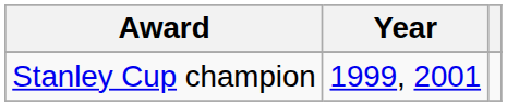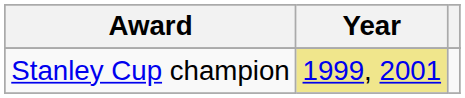 <table class="wikitable">
 <tr>
 <th>Award</th>
 <th>Year</th>
 <th></th>
 </tr>
 <tr ALIGN="center" bgcolor="#e0e0e0">
 </tr>
 <tr>
 <td><a href='#'>Stanley Cup</a> champion</td>
-<td><a href='#'>1999</a>, <a href='#'>2001</a></td>
+<td style="background: khaki;"><a href='#'>1999</a>, <a href='#'>2001</a></td>
 <td></td>
 </tr>
 </table>
